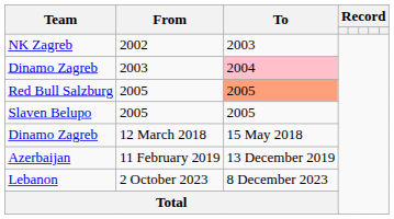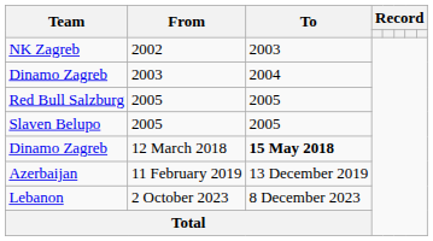 <table class=wikitable style="text-align: center">
 <tr>
 <th rowspan=2>Team</th>
 <th rowspan=2>From</th>
 <th rowspan=2>To</th>
 <th colspan=5>Record</th>
 </tr>
 <tr>
 <th></th>
 <th></th>
 <th></th>
 <th></th>
 <th></th>
 </tr>
 <tr>
 <td align=left><a href='#'>NK Zagreb</a></td>
 <td align=left>2002</td>
 <td align=left>2003<br></td>
 </tr>
 <tr>
 <td align=left><a href='#'>Dinamo Zagreb</a></td>
 <td align=left>2003</td>
-<td align=left style="background: pink;">2004<br></td>
+<td align=left>2004<br></td>
 </tr>
 <tr>
 <td align=left><a href='#'>Red Bull Salzburg</a></td>
 <td align=left>2005</td>
-<td align=left style="background: lightsalmon;">2005<br></td>
+<td align=left>2005<br></td>
 </tr>
 <tr>
 <td align=left><a href='#'>Slaven Belupo</a></td>
 <td align=left>2005</td>
 <td align=left>2005<br></td>
 </tr>
 <tr>
 <td align=left><a href='#'>Dinamo Zagreb</a></td>
 <td align=left>12 March 2018</td>
-<td align=left>15 May 2018<br></td>
+<td align=left><strong>15 May 2018<br></strong></td>
 </tr>
 <tr>
 <td align=left><a href='#'>Azerbaijan</a></td>
 <td align=left>11 February 2019</td>
 <td align=left>13 December 2019<br></td>
 </tr>
 <tr>
 <td align=left><a href='#'>Lebanon</a></td>
 <td align=left>2 October 2023</td>
 <td align=left>8 December 2023<br></td>
 </tr>
 <tr>
 <th colspan=3>Total<br></th>
 </tr>
 </table>
